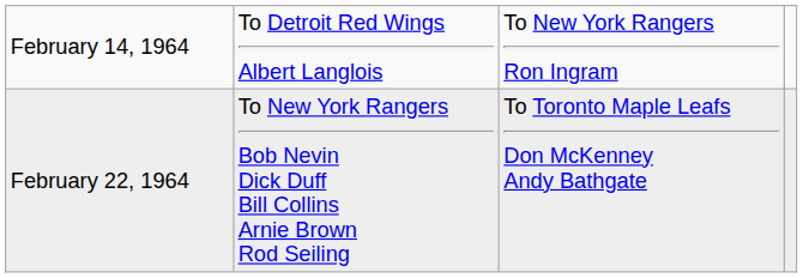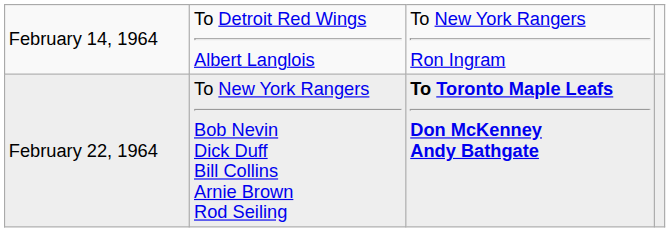 <table class="wikitable" style="border:1px solid #999999; width:580px;">
 <tr>
 <td>February 14, 1964</td>
 <td valign="top">To <a href='#'>Detroit Red Wings</a><hr><a href='#'>Albert Langlois</a></td>
 <td valign="top">To <a href='#'>New York Rangers</a><hr><a href='#'>Ron Ingram</a></td>
 <td></td>
 </tr>
 <tr bgcolor="eeeeee">
 <td>February 22, 1964</td>
 <td valign="top">To <a href='#'>New York Rangers</a><hr><a href='#'>Bob Nevin</a><br><a href='#'>Dick Duff</a><br><a href='#'>Bill Collins</a><br><a href='#'>Arnie Brown</a><br><a href='#'>Rod Seiling</a></td>
-<td valign="top">To <a href='#'>Toronto Maple Leafs</a><hr><a href='#'>Don McKenney</a><br><a href='#'>Andy Bathgate</a></td>
+<td valign="top"><strong>To <a href='#'>Toronto Maple Leafs</a><hr><a href='#'>Don McKenney</a><br><a href='#'>Andy Bathgate</a></strong></td>
 <td></td>
 </tr>
 </table>
